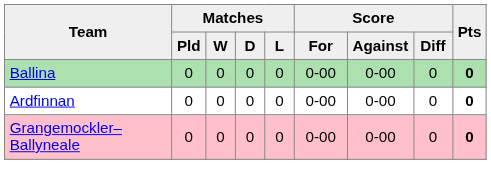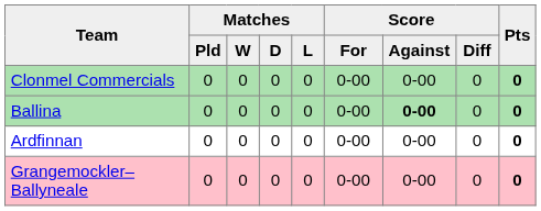 <table style=border-collapse:collapse border=1 cellspacing=0 cellpadding=5>
 <tr align=center bgcolor=#efefef>
 <th rowspan=2 width=165>Team</th>
 <th colspan=4>Matches</th>
 <th colspan=3>Score</th>
 <th rowspan=2width=20>Pts</th>
 </tr>
 <tr align=center bgcolor=#efefef>
 <th width=20>Pld</th>
 <th width=20>W</th>
 <th width=20>D</th>
 <th width=20>L</th>
 <th width=45>For</th>
 <th width=45>Against</th>
 <th width=30>Diff</th>
 </tr>
 <tr align=center style="background:#ACE1AF;">
+<td style="text-align:left;"> <a href='#'>Clonmel Commercials</a></td>
+<td>0</td>
+<td>0</td>
+<td>0</td>
+<td>0</td>
+<td>0-00</td>
+<td>0-00</td>
+<td>0</td>
+<td><strong>0</strong></td>
+</tr>
+<tr align=center style="background:#ACE1AF;">
 <td style="text-align:left;"> <a href='#'>Ballina</a></td>
 <td>0</td>
 <td>0</td>
 <td>0</td>
 <td>0</td>
 <td>0-00</td>
-<td>0-00</td>
+<td><strong>0-00</strong></td>
 <td>0</td>
 <td><strong>0</strong></td>
 </tr>
 <tr align=center>
 <td style="text-align:left;"> <a href='#'>Ardfinnan</a></td>
 <td>0</td>
 <td>0</td>
 <td>0</td>
 <td>0</td>
 <td>0-00</td>
 <td>0-00</td>
 <td>0</td>
 <td><strong>0</strong></td>
 </tr>
 <tr align=center style="background:#FFC0CB;">
 <td style="text-align:left;"> <a href='#'>Grangemockler–Ballyneale</a></td>
 <td>0</td>
 <td>0</td>
 <td>0</td>
 <td>0</td>
 <td>0-00</td>
 <td>0-00</td>
 <td>0</td>
 <td><strong>0</strong></td>
 </tr>
 </table>
